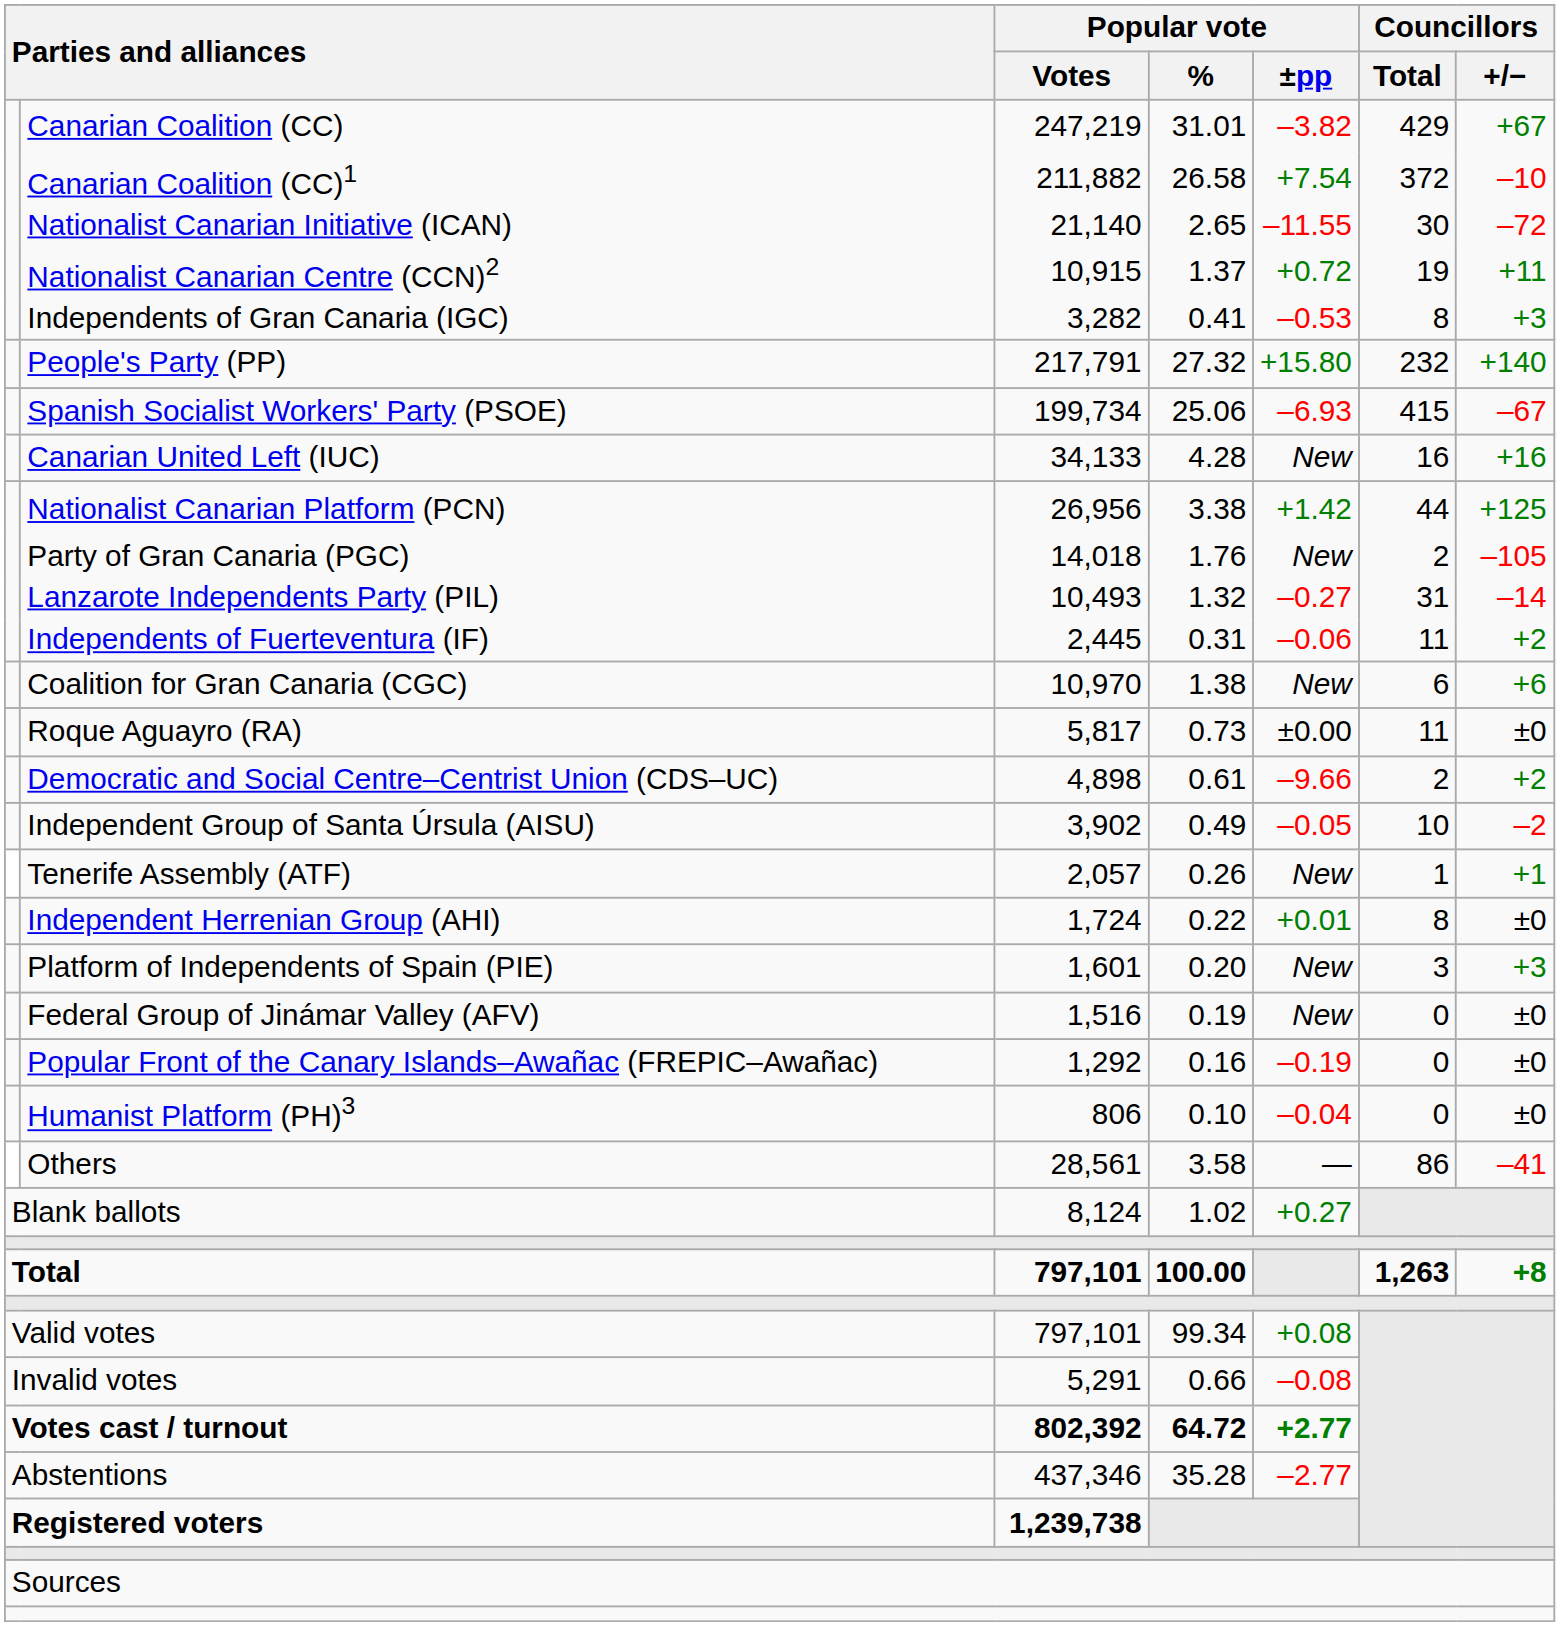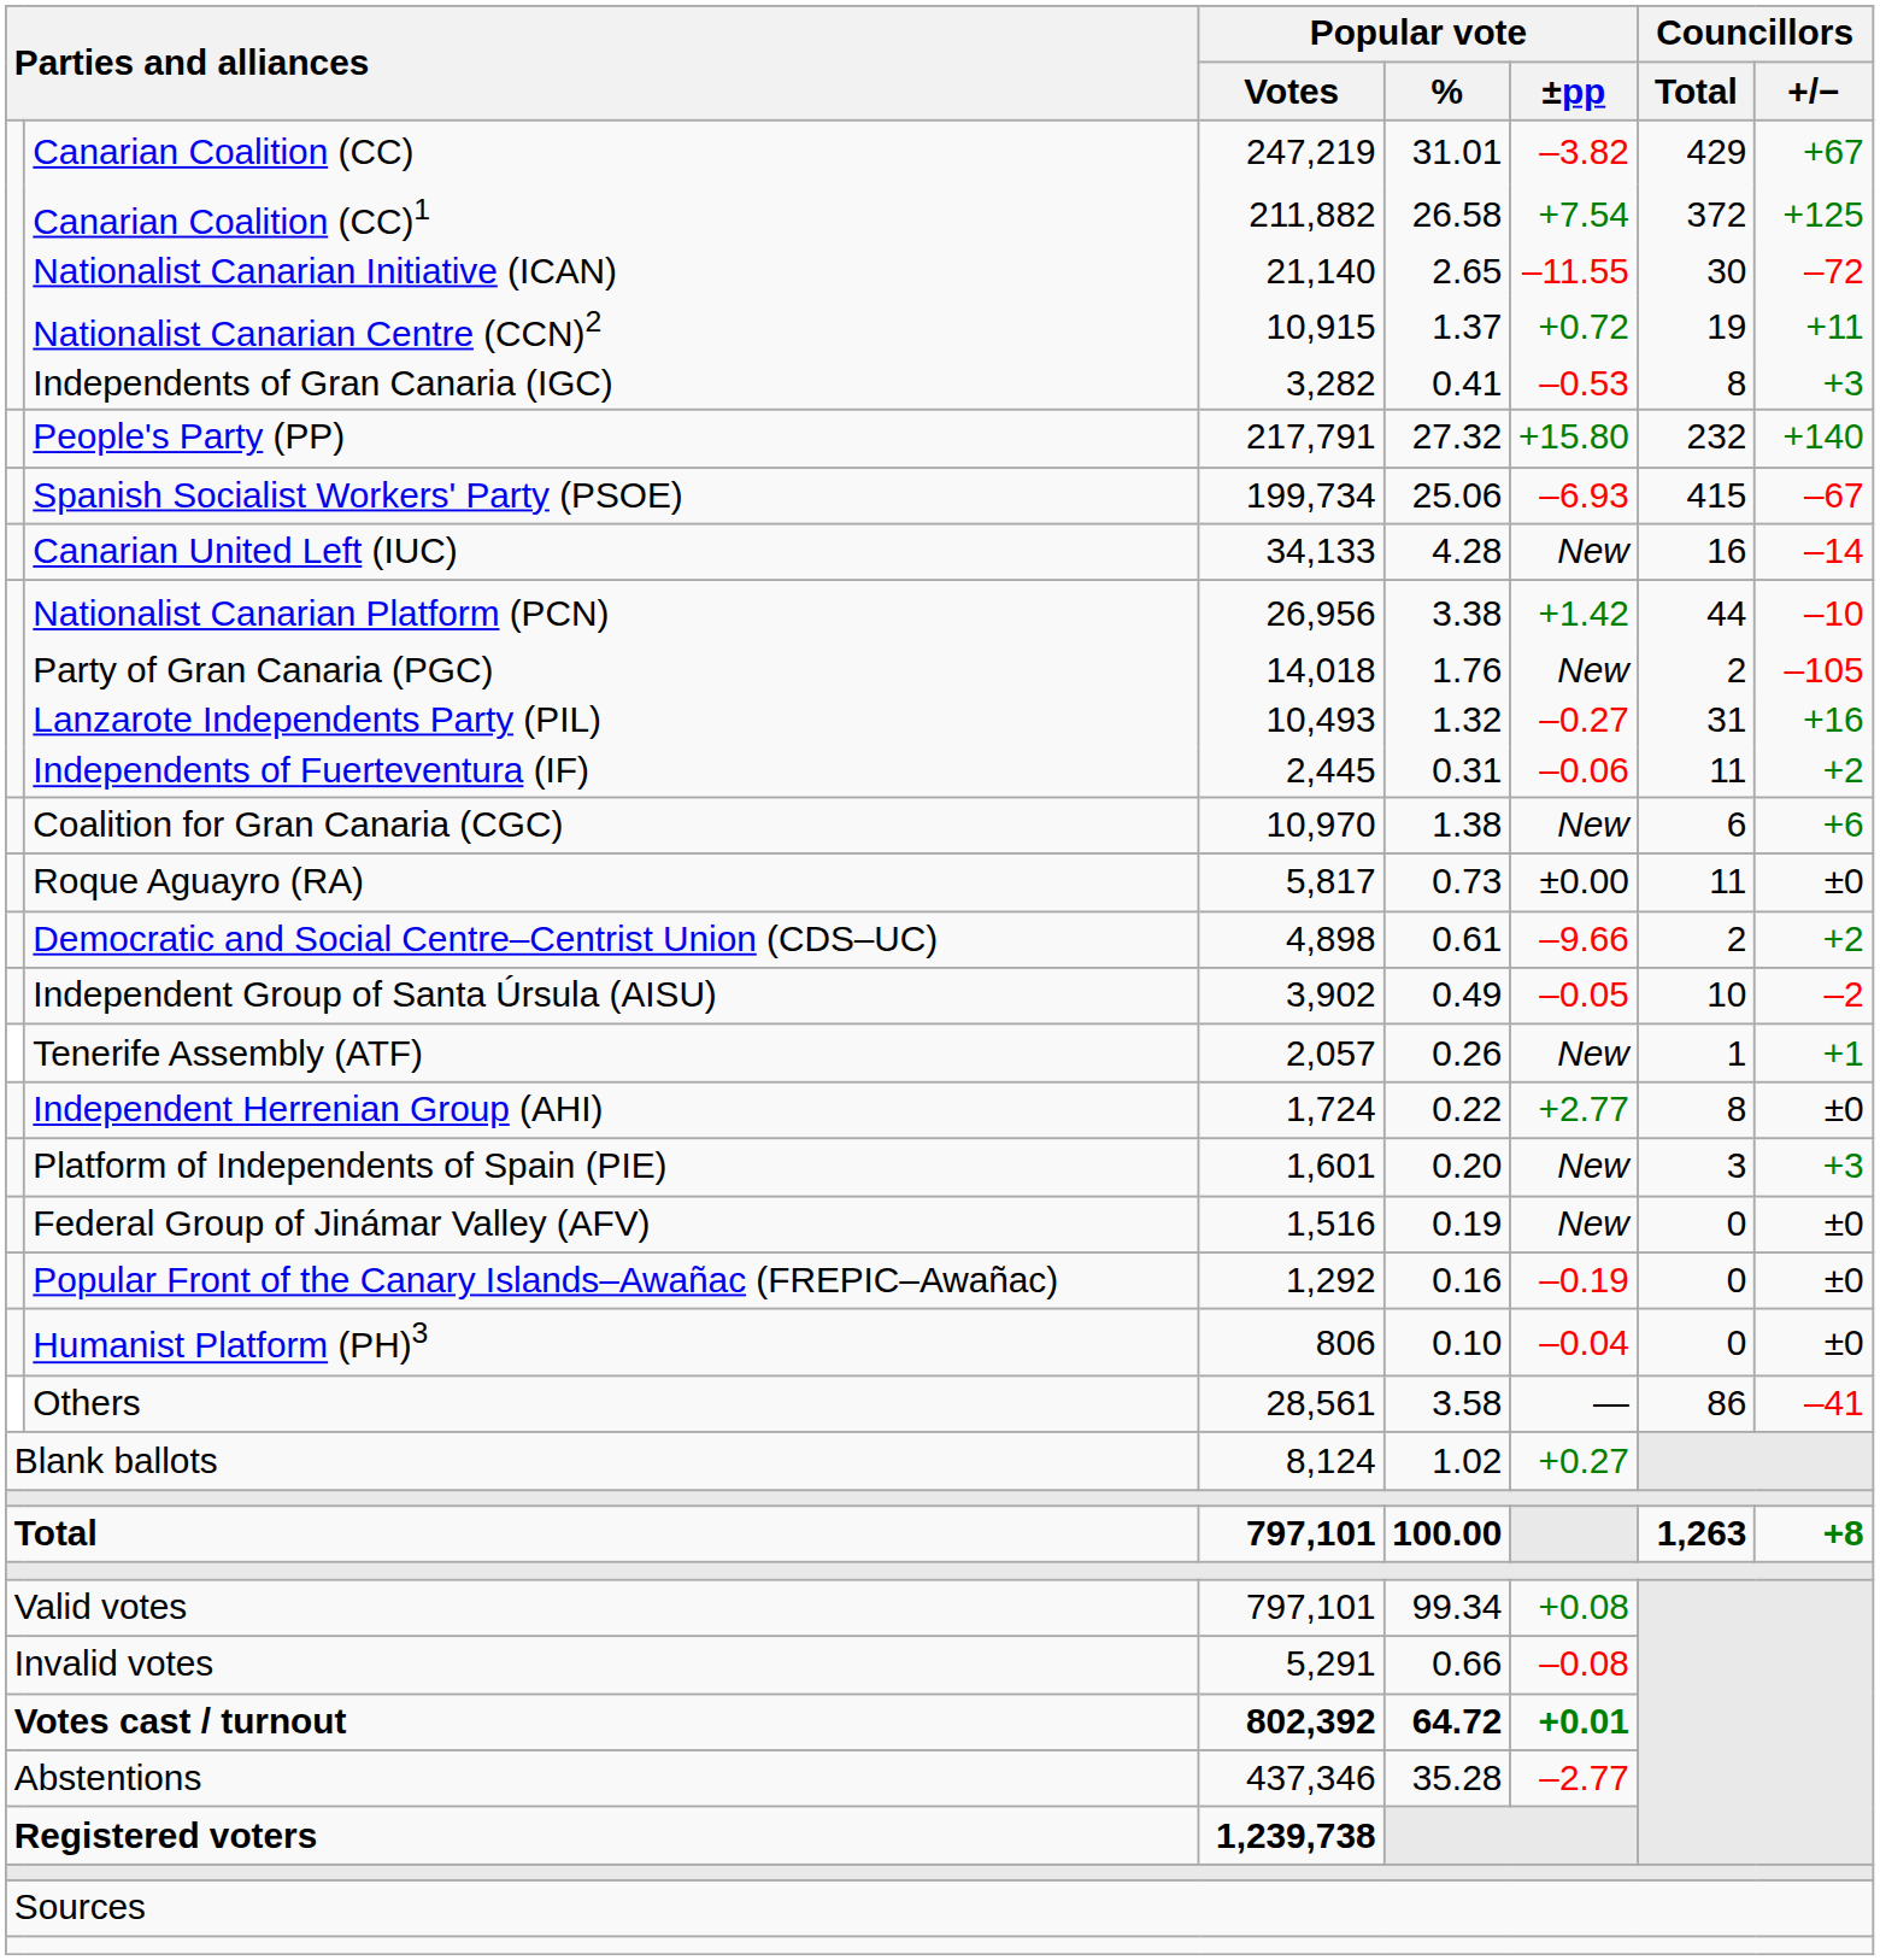 <table class="wikitable" style="text-align:right;">
 <tr>
 <th style="text-align:left;" rowspan="2" colspan="2" width="525">Parties and alliances</th>
 <th colspan="3">Popular vote</th>
 <th colspan="2">Councillors</th>
 </tr>
 <tr>
 <th width="75">Votes</th>
 <th width="45">%</th>
 <th width="45">±<a href='#'>pp</a></th>
 <th width="45">Total</th>
 <th width="45">+/−</th>
 </tr>
 <tr style="line-height:22px;">
 <td width="1" rowspan="5"></td>
 <td align="left"><a href='#'>Canarian Coalition</a> (CC)</td>
 <td>247,219</td>
 <td>31.01</td>
 <td style="color:red;">–3.82</td>
 <td>429</td>
 <td style="color:green;">+67</td>
 </tr>
 <tr style="border-bottom-style:hidden; border-top-style:hidden; line-height:16px;">
 <td align="left"><span><a href='#'>Canarian Coalition</a> (CC)<sup>1</sup></span></td>
 <td>211,882</td>
 <td>26.58</td>
 <td style="color:green;">+7.54</td>
 <td>372</td>
-<td style="color:red;">–10</td>
+<td style="color:green;">+125</td>
 </tr>
 <tr style="border-bottom-style:hidden; line-height:16px;">
 <td align="left"><span><a href='#'>Nationalist Canarian Initiative</a> (ICAN)</span></td>
 <td>21,140</td>
 <td>2.65</td>
 <td style="color:red;">–11.55</td>
 <td>30</td>
 <td style="color:red;">–72</td>
 </tr>
 <tr style="border-bottom-style:hidden; line-height:16px;">
 <td align="left"><span><a href='#'>Nationalist Canarian Centre</a> (CCN)<sup>2</sup></span></td>
 <td>10,915</td>
 <td>1.37</td>
 <td style="color:green;">+0.72</td>
 <td>19</td>
 <td style="color:green;">+11</td>
 </tr>
 <tr style="line-height:16px;">
 <td align="left"><span>Independents of Gran Canaria (IGC)</span></td>
 <td>3,282</td>
 <td>0.41</td>
 <td style="color:red;">–0.53</td>
 <td>8</td>
 <td style="color:green;">+3</td>
 </tr>
 <tr>
 <td style="color:inherit;background:"></td>
 <td align="left"><a href='#'>People's Party</a> (PP)</td>
 <td>217,791</td>
 <td>27.32</td>
 <td style="color:green;">+15.80</td>
 <td>232</td>
 <td style="color:green;">+140</td>
 </tr>
 <tr>
 <td style="color:inherit;background:"></td>
 <td align="left"><a href='#'>Spanish Socialist Workers' Party</a> (PSOE)</td>
 <td>199,734</td>
 <td>25.06</td>
 <td style="color:red;">–6.93</td>
 <td>415</td>
 <td style="color:red;">–67</td>
 </tr>
 <tr>
 <td style="color:inherit;background:"></td>
 <td align="left"><a href='#'>Canarian United Left</a> (IUC)</td>
 <td>34,133</td>
 <td>4.28</td>
 <td><em>New</em></td>
 <td>16</td>
-<td style="color:green;">+16</td>
+<td style="color:red;">–14</td>
 </tr>
 <tr style="line-height:22px;">
 <td rowspan="4" style="color:inherit;background:"></td>
 <td align="left"><a href='#'>Nationalist Canarian Platform</a> (PCN)</td>
 <td>26,956</td>
 <td>3.38</td>
 <td style="color:green;">+1.42</td>
 <td>44</td>
-<td style="color:green;">+125</td>
+<td style="color:red;">–10</td>
 </tr>
 <tr style="border-bottom-style:hidden; border-top-style:hidden; line-height:16px;">
 <td align="left"><span>Party of Gran Canaria (PGC)</span></td>
 <td>14,018</td>
 <td>1.76</td>
 <td><em>New</em></td>
 <td>2</td>
 <td style="color:red;">–105</td>
 </tr>
 <tr style="border-bottom-style:hidden; line-height:16px;">
 <td align="left"><span><a href='#'>Lanzarote Independents Party</a> (PIL)</span></td>
 <td>10,493</td>
 <td>1.32</td>
 <td style="color:red;">–0.27</td>
 <td>31</td>
-<td style="color:red;">–14</td>
+<td style="color:green;">+16</td>
 </tr>
 <tr style="line-height:16px;">
 <td align="left"><span><a href='#'>Independents of Fuerteventura</a> (IF)</span></td>
 <td>2,445</td>
 <td>0.31</td>
 <td style="color:red;">–0.06</td>
 <td>11</td>
 <td style="color:green;">+2</td>
 </tr>
 <tr>
 <td style="color:inherit;background:"></td>
 <td align="left">Coalition for Gran Canaria (CGC)</td>
 <td>10,970</td>
 <td>1.38</td>
 <td><em>New</em></td>
 <td>6</td>
 <td style="color:green;">+6</td>
 </tr>
 <tr>
 <td style="color:inherit;background:"></td>
 <td align="left">Roque Aguayro (RA)</td>
 <td>5,817</td>
 <td>0.73</td>
 <td>±0.00</td>
 <td>11</td>
 <td>±0</td>
 </tr>
 <tr>
 <td style="color:inherit;background:"></td>
 <td align="left"><a href='#'>Democratic and Social Centre–Centrist Union</a> (CDS–UC)</td>
 <td>4,898</td>
 <td>0.61</td>
 <td style="color:red;">–9.66</td>
 <td>2</td>
 <td style="color:green;">+2</td>
 </tr>
 <tr>
 <td style="color:inherit;background:"></td>
 <td align="left">Independent Group of Santa Úrsula (AISU)</td>
 <td>3,902</td>
 <td>0.49</td>
 <td style="color:red;">–0.05</td>
 <td>10</td>
 <td style="color:red;">–2</td>
 </tr>
 <tr>
 <td bgcolor="white"></td>
 <td align="left">Tenerife Assembly (ATF)</td>
 <td>2,057</td>
 <td>0.26</td>
 <td><em>New</em></td>
 <td>1</td>
 <td style="color:green;">+1</td>
 </tr>
 <tr>
 <td style="color:inherit;background:"></td>
 <td align="left"><a href='#'>Independent Herrenian Group</a> (AHI)</td>
 <td>1,724</td>
 <td>0.22</td>
-<td style="color:green;">+0.01</td>
+<td style="color:green;">+2.77</td>
 <td>8</td>
 <td>±0</td>
 </tr>
 <tr>
 <td style="color:inherit;background:"></td>
 <td align="left">Platform of Independents of Spain (PIE)</td>
 <td>1,601</td>
 <td>0.20</td>
 <td><em>New</em></td>
 <td>3</td>
 <td style="color:green;">+3</td>
 </tr>
 <tr>
 <td style="color:inherit;background:"></td>
 <td align="left">Federal Group of Jinámar Valley (AFV)</td>
 <td>1,516</td>
 <td>0.19</td>
 <td><em>New</em></td>
 <td>0</td>
 <td>±0</td>
 </tr>
 <tr>
 <td style="color:inherit;background:"></td>
 <td align="left"><a href='#'>Popular Front of the Canary Islands–Awañac</a> (FREPIC–Awañac)</td>
 <td>1,292</td>
 <td>0.16</td>
 <td style="color:red;">–0.19</td>
 <td>0</td>
 <td>±0</td>
 </tr>
 <tr>
 <td style="color:inherit;background:"></td>
 <td align="left"><a href='#'>Humanist Platform</a> (PH)<sup>3</sup></td>
 <td>806</td>
 <td>0.10</td>
 <td style="color:red;">–0.04</td>
 <td>0</td>
 <td>±0</td>
 </tr>
 <tr>
 <td bgcolor="white"></td>
 <td align="left">Others</td>
 <td>28,561</td>
 <td>3.58</td>
 <td>—</td>
 <td>86</td>
 <td style="color:red;">–41</td>
 </tr>
 <tr>
 <td align="left" colspan="2">Blank ballots</td>
 <td>8,124</td>
 <td>1.02</td>
 <td style="color:green;">+0.27</td>
 <td style="color:inherit;background:#E9E9E9" colspan="2"></td>
 </tr>
 <tr>
 <td colspan="7" style="color:inherit;background:#E9E9E9"></td>
 </tr>
 <tr style="font-weight:bold;">
 <td align="left" colspan="2">Total</td>
 <td>797,101</td>
 <td>100.00</td>
 <td bgcolor="#E9E9E9"></td>
 <td>1,263</td>
 <td style="color:green;">+8</td>
 </tr>
 <tr>
 <td colspan="7" style="color:inherit;background:#E9E9E9"></td>
 </tr>
 <tr>
 <td align="left" colspan="2">Valid votes</td>
 <td>797,101</td>
 <td>99.34</td>
 <td style="color:green;">+0.08</td>
 <td bgcolor="#E9E9E9" colspan="2" rowspan="5"></td>
 </tr>
 <tr>
 <td align="left" colspan="2">Invalid votes</td>
 <td>5,291</td>
 <td>0.66</td>
 <td style="color:red;">–0.08</td>
 </tr>
 <tr style="font-weight:bold;">
 <td align="left" colspan="2">Votes cast / turnout</td>
 <td>802,392</td>
 <td>64.72</td>
-<td style="color:green;">+2.77</td>
+<td style="color:green;">+0.01</td>
 </tr>
 <tr>
 <td align="left" colspan="2">Abstentions</td>
 <td>437,346</td>
 <td>35.28</td>
 <td style="color:red;">–2.77</td>
 </tr>
 <tr style="font-weight:bold;">
 <td align="left" colspan="2">Registered voters</td>
 <td>1,239,738</td>
 <td bgcolor="#E9E9E9" colspan="2"></td>
 </tr>
 <tr>
 <td colspan="7" style="color:inherit;background:#E9E9E9"></td>
 </tr>
 <tr>
 <td align="left" colspan="7">Sources</td>
 </tr>
 <tr>
 <td colspan="7" style="text-align:left; max-width:790px;"></td>
 </tr>
 </table>
